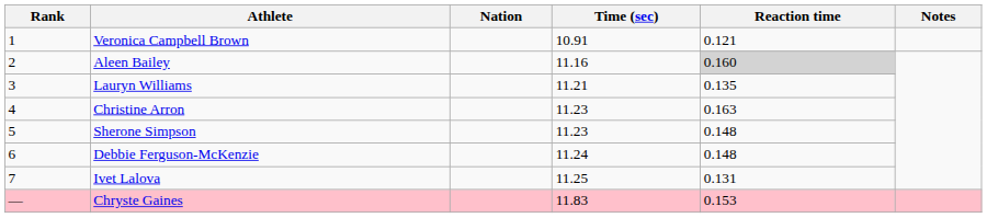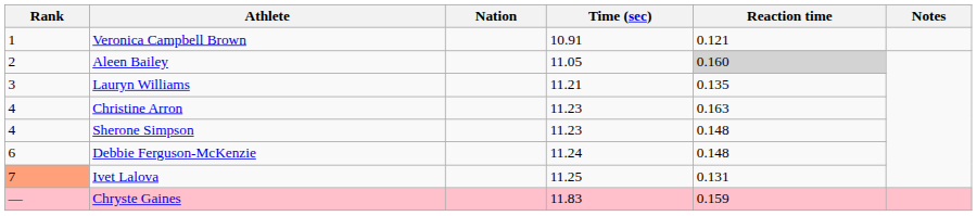 <table class="wikitable" style="text=align:center;" width=85%>
 <tr>
 <th>Rank</th>
 <th>Athlete</th>
 <th>Nation</th>
 <th>Time (<a href='#'>sec</a>)</th>
 <th>Reaction time</th>
 <th>Notes</th>
 </tr>
 <tr>
 <td>1</td>
 <td><a href='#'>Veronica Campbell Brown</a></td>
 <td></td>
 <td>10.91</td>
 <td>0.121</td>
 <td></td>
 </tr>
 <tr>
 <td>2</td>
 <td><a href='#'>Aleen Bailey</a></td>
 <td></td>
-<td>11.16</td>
+<td>11.05</td>
 <td style="background: lightgrey;">0.160</td>
 </tr>
 <tr>
 <td>3</td>
 <td><a href='#'>Lauryn Williams</a></td>
 <td></td>
 <td>11.21</td>
 <td>0.135</td>
 </tr>
 <tr>
 <td>4</td>
 <td><a href='#'>Christine Arron</a></td>
 <td></td>
 <td>11.23</td>
 <td>0.163</td>
 </tr>
 <tr>
-<td>5</td>
+<td>4</td>
 <td><a href='#'>Sherone Simpson</a></td>
 <td></td>
 <td>11.23</td>
 <td>0.148</td>
 </tr>
 <tr>
 <td>6</td>
 <td><a href='#'>Debbie Ferguson-McKenzie</a></td>
 <td></td>
 <td>11.24</td>
 <td>0.148</td>
 </tr>
 <tr>
-<td>7</td>
+<td style="background: lightsalmon;">7</td>
 <td><a href='#'>Ivet Lalova</a></td>
 <td></td>
 <td>11.25</td>
 <td>0.131</td>
 </tr>
 <tr bgcolor=pink>
 <td>—</td>
 <td><a href='#'>Chryste Gaines</a></td>
 <td></td>
 <td>11.83</td>
-<td>0.153</td>
+<td>0.159</td>
 <td></td>
 </tr>
 </table>
